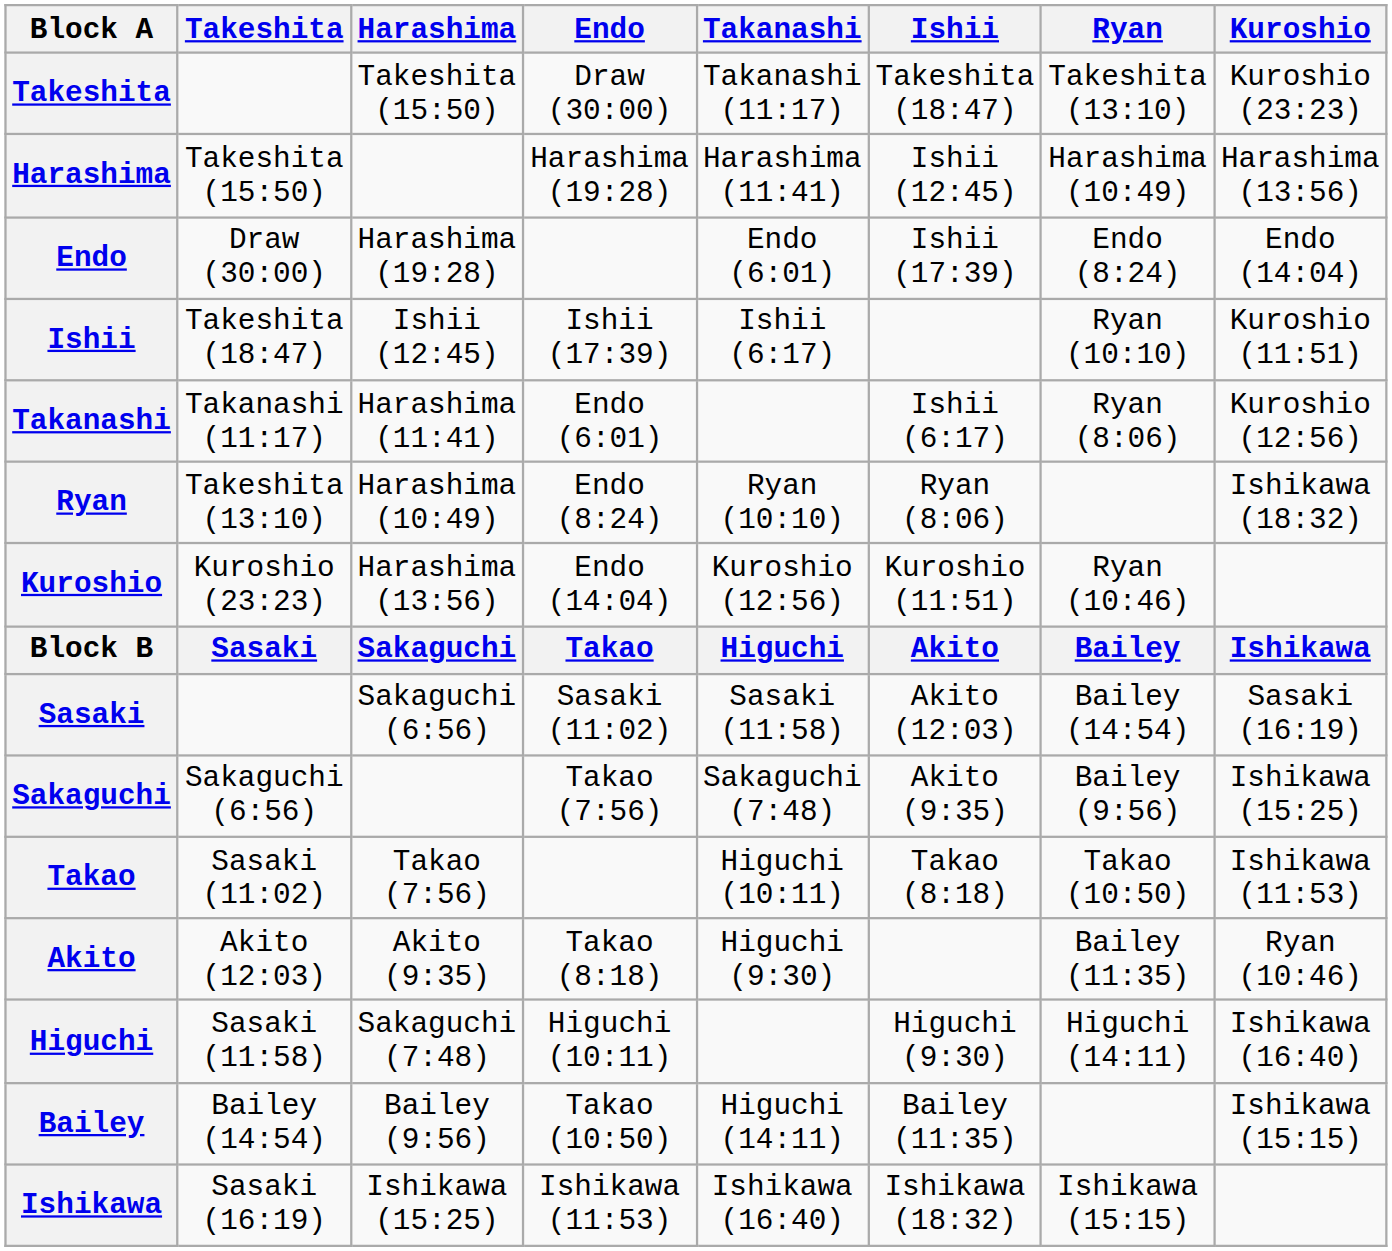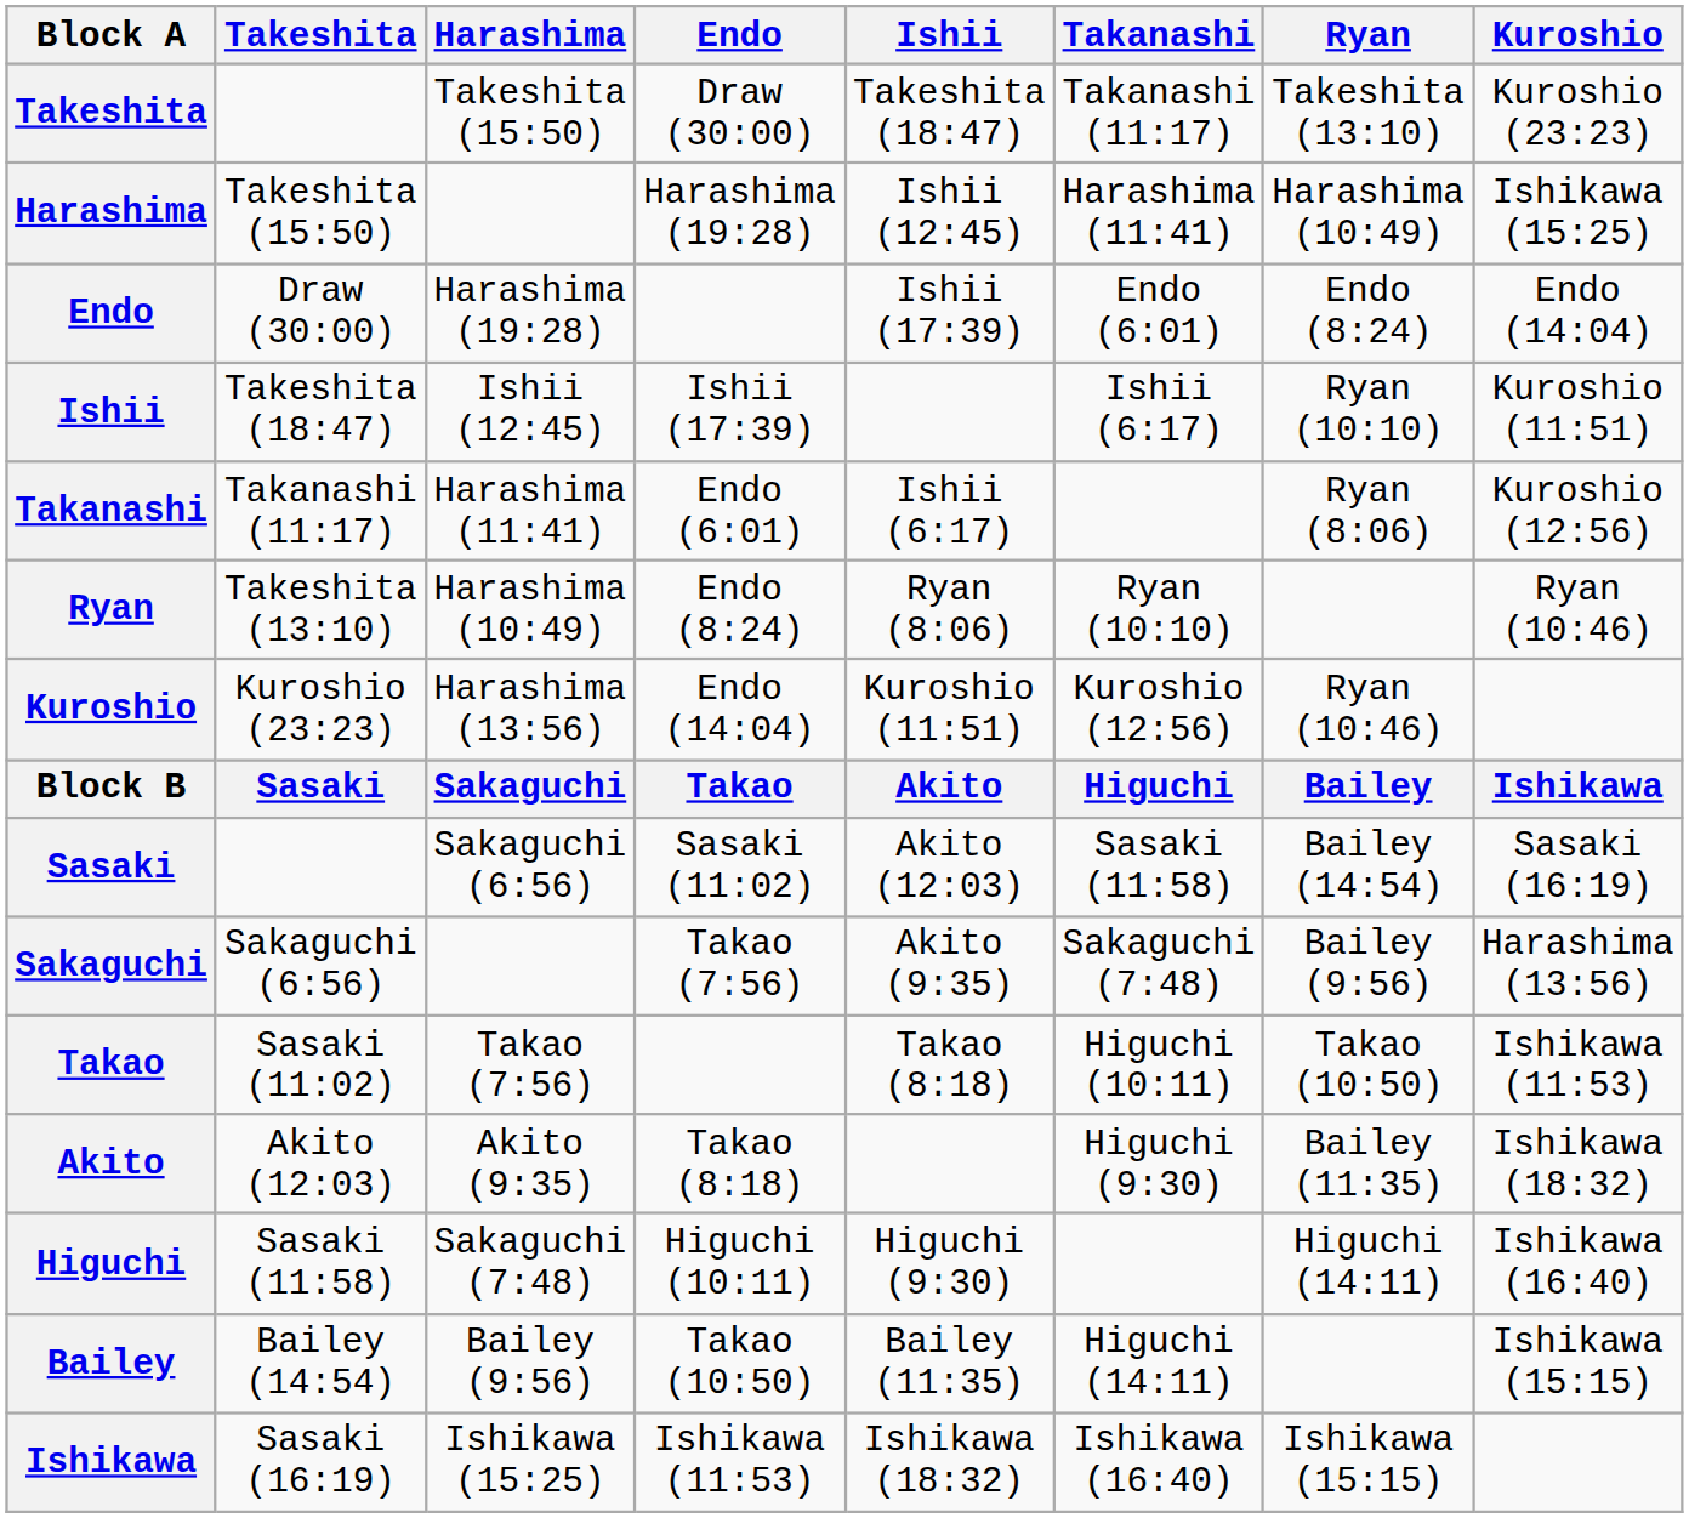 <table class="wikitable" style="margin: 1em auto 1em auto">
 <tr align="center">
 <th>Block A</th>
 <th><a href='#'>Takeshita</a></th>
 <th><a href='#'>Harashima</a></th>
 <th><a href='#'>Endo</a></th>
+<th><a href='#'>Ishii</a></th>
 <th><a href='#'>Takanashi</a></th>
-<th><a href='#'>Ishii</a></th>
 <th><a href='#'>Ryan</a></th>
 <th><a href='#'>Kuroshio</a></th>
 </tr>
 <tr align="center">
 <th><a href='#'>Takeshita</a></th>
 <td></td>
 <td>Takeshita<br>(15:50)</td>
 <td>Draw<br>(30:00)</td>
+<td>Takeshita<br>(18:47)</td>
 <td>Takanashi<br>(11:17)</td>
-<td>Takeshita<br>(18:47)</td>
 <td>Takeshita<br>(13:10)</td>
 <td>Kuroshio<br>(23:23)</td>
 </tr>
 <tr align="center">
 <th><a href='#'>Harashima</a></th>
 <td>Takeshita<br>(15:50)</td>
 <td></td>
 <td>Harashima<br>(19:28)</td>
+<td>Ishii<br>(12:45)</td>
 <td>Harashima<br>(11:41)</td>
-<td>Ishii<br>(12:45)</td>
 <td>Harashima<br>(10:49)</td>
-<td>Harashima<br>(13:56)</td>
+<td>Ishikawa<br>(15:25)</td>
 </tr>
 <tr align="center">
 <th><a href='#'>Endo</a></th>
 <td>Draw<br>(30:00)</td>
 <td>Harashima<br>(19:28)</td>
 <td></td>
+<td>Ishii<br>(17:39)</td>
 <td>Endo<br>(6:01)</td>
-<td>Ishii<br>(17:39)</td>
 <td>Endo<br>(8:24)</td>
 <td>Endo<br>(14:04)</td>
 </tr>
 <tr align="center">
 <th><a href='#'>Ishii</a></th>
 <td>Takeshita<br>(18:47)</td>
 <td>Ishii<br>(12:45)</td>
 <td>Ishii<br>(17:39)</td>
+<td></td>
 <td>Ishii<br>(6:17)</td>
-<td></td>
 <td>Ryan<br>(10:10)</td>
 <td>Kuroshio<br>(11:51)</td>
 </tr>
 <tr align="center">
 <th><a href='#'>Takanashi</a></th>
 <td>Takanashi<br>(11:17)</td>
 <td>Harashima<br>(11:41)</td>
 <td>Endo<br>(6:01)</td>
+<td>Ishii<br>(6:17)</td>
 <td></td>
-<td>Ishii<br>(6:17)</td>
 <td>Ryan<br>(8:06)</td>
 <td>Kuroshio<br>(12:56)</td>
 </tr>
 <tr align="center">
 <th><a href='#'>Ryan</a></th>
 <td>Takeshita<br>(13:10)</td>
 <td>Harashima<br>(10:49)</td>
 <td>Endo<br>(8:24)</td>
+<td>Ryan<br>(8:06)</td>
 <td>Ryan<br>(10:10)</td>
-<td>Ryan<br>(8:06)</td>
 <td></td>
-<td>Ishikawa<br>(18:32)</td>
+<td>Ryan<br>(10:46)</td>
 </tr>
 <tr align="center">
 <th><a href='#'>Kuroshio</a></th>
 <td>Kuroshio<br>(23:23)</td>
 <td>Harashima<br>(13:56)</td>
 <td>Endo<br>(14:04)</td>
+<td>Kuroshio<br>(11:51)</td>
 <td>Kuroshio<br>(12:56)</td>
-<td>Kuroshio<br>(11:51)</td>
 <td>Ryan<br>(10:46)</td>
 <td></td>
 </tr>
 <tr align="center">
 <th>Block B</th>
 <th><a href='#'>Sasaki</a></th>
 <th><a href='#'>Sakaguchi</a></th>
 <th><a href='#'>Takao</a></th>
+<th><a href='#'>Akito</a></th>
 <th><a href='#'>Higuchi</a></th>
-<th><a href='#'>Akito</a></th>
 <th><a href='#'>Bailey</a></th>
 <th><a href='#'>Ishikawa</a></th>
 </tr>
 <tr align="center">
 <th><a href='#'>Sasaki</a></th>
 <td></td>
 <td>Sakaguchi<br>(6:56)</td>
 <td>Sasaki<br>(11:02)</td>
+<td>Akito<br>(12:03)</td>
 <td>Sasaki<br>(11:58)</td>
-<td>Akito<br>(12:03)</td>
 <td>Bailey<br>(14:54)</td>
 <td>Sasaki<br>(16:19)</td>
 </tr>
 <tr align="center">
 <th><a href='#'>Sakaguchi</a></th>
 <td>Sakaguchi<br>(6:56)</td>
 <td></td>
 <td>Takao<br>(7:56)</td>
+<td>Akito<br>(9:35)</td>
 <td>Sakaguchi<br>(7:48)</td>
-<td>Akito<br>(9:35)</td>
 <td>Bailey<br>(9:56)</td>
-<td>Ishikawa<br>(15:25)</td>
+<td>Harashima<br>(13:56)</td>
 </tr>
 <tr align="center">
 <th><a href='#'>Takao</a></th>
 <td>Sasaki<br>(11:02)</td>
 <td>Takao<br>(7:56)</td>
 <td></td>
+<td>Takao<br>(8:18)</td>
 <td>Higuchi<br>(10:11)</td>
-<td>Takao<br>(8:18)</td>
 <td>Takao<br>(10:50)</td>
 <td>Ishikawa<br>(11:53)</td>
 </tr>
 <tr align="center">
 <th><a href='#'>Akito</a></th>
 <td>Akito<br>(12:03)</td>
 <td>Akito<br>(9:35)</td>
 <td>Takao<br>(8:18)</td>
+<td></td>
 <td>Higuchi<br>(9:30)</td>
-<td></td>
 <td>Bailey<br>(11:35)</td>
-<td>Ryan<br>(10:46)</td>
+<td>Ishikawa<br>(18:32)</td>
 </tr>
 <tr align="center">
 <th><a href='#'>Higuchi</a></th>
 <td>Sasaki<br>(11:58)</td>
 <td>Sakaguchi<br>(7:48)</td>
 <td>Higuchi<br>(10:11)</td>
+<td>Higuchi<br>(9:30)</td>
 <td></td>
-<td>Higuchi<br>(9:30)</td>
 <td>Higuchi<br>(14:11)</td>
 <td>Ishikawa<br>(16:40)</td>
 </tr>
 <tr align="center">
 <th><a href='#'>Bailey</a></th>
 <td>Bailey<br>(14:54)</td>
 <td>Bailey<br>(9:56)</td>
 <td>Takao<br>(10:50)</td>
+<td>Bailey<br>(11:35)</td>
 <td>Higuchi<br>(14:11)</td>
-<td>Bailey<br>(11:35)</td>
 <td></td>
 <td>Ishikawa<br>(15:15)</td>
 </tr>
 <tr align="center">
 <th><a href='#'>Ishikawa</a></th>
 <td>Sasaki<br>(16:19)</td>
 <td>Ishikawa<br>(15:25)</td>
 <td>Ishikawa<br>(11:53)</td>
+<td>Ishikawa<br>(18:32)</td>
 <td>Ishikawa<br>(16:40)</td>
-<td>Ishikawa<br>(18:32)</td>
 <td>Ishikawa<br>(15:15)</td>
 <td></td>
 </tr>
 </table>
